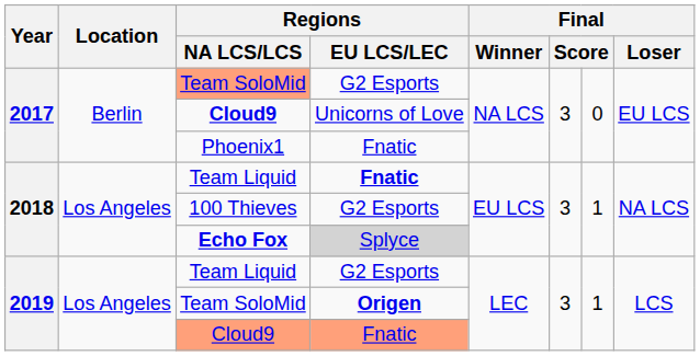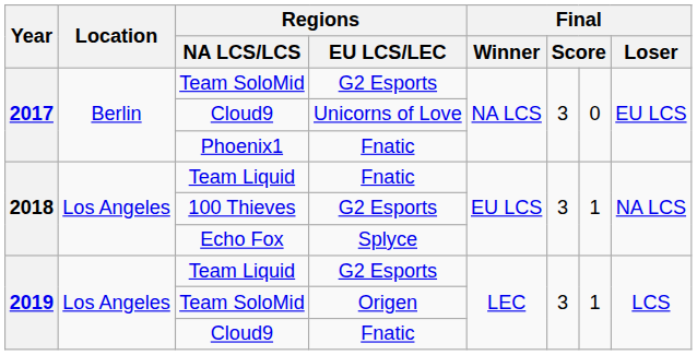 <table class="wikitable" style="text-align: center">
 <tr>
 <th rowspan="2">Year</th>
 <th rowspan="2">Location</th>
 <th colspan="2">Regions</th>
 <th colspan="4">Final</th>
 </tr>
 <tr>
 <th>NA LCS/LCS</th>
 <th>EU LCS/LEC</th>
 <th>Winner</th>
 <th colspan="2">Score</th>
 <th>Loser</th>
 </tr>
 <tr>
 <th rowspan="3"><a href='#'>2017</a></th>
 <td rowspan="3"> <a href='#'>Berlin</a></td>
-<td style="background: lightsalmon;"><a href='#'>Team SoloMid</a></td>
+<td><a href='#'>Team SoloMid</a></td>
 <td><a href='#'>G2 Esports</a></td>
 <td rowspan="3"><a href='#'>NA LCS</a></td>
 <td rowspan="3" style="text-align: center">3</td>
 <td rowspan="3" style="text-align: center">0</td>
 <td rowspan="3"><a href='#'>EU LCS</a></td>
 </tr>
 <tr>
-<td><strong><a href='#'>Cloud9</a></strong></td>
+<td><a href='#'>Cloud9</a></td>
 <td><a href='#'>Unicorns of Love</a></td>
 </tr>
 <tr>
 <td><a href='#'>Phoenix1</a></td>
 <td><a href='#'>Fnatic</a></td>
 </tr>
 <tr>
 <th rowspan="3">2018</th>
 <td rowspan="3"> <a href='#'>Los Angeles</a></td>
 <td><a href='#'>Team Liquid</a></td>
-<td><strong><a href='#'>Fnatic</a></strong></td>
+<td><a href='#'>Fnatic</a></td>
 <td rowspan="3"><a href='#'>EU LCS</a></td>
 <td rowspan="3" style="text-align: center">3</td>
 <td rowspan="3" style="text-align: center">1</td>
 <td rowspan="3"><a href='#'>NA LCS</a></td>
 </tr>
 <tr>
 <td><a href='#'>100 Thieves</a></td>
 <td><a href='#'>G2 Esports</a></td>
 </tr>
 <tr>
-<td><strong><a href='#'>Echo Fox</a></strong></td>
-<td style="background: lightgrey;"><a href='#'>Splyce</a></td>
+<td><a href='#'>Echo Fox</a></td>
+<td><a href='#'>Splyce</a></td>
 </tr>
 <tr>
 <th rowspan="3"><a href='#'>2019</a></th>
 <td rowspan="3"> <a href='#'>Los Angeles</a></td>
 <td><a href='#'>Team Liquid</a></td>
 <td><a href='#'>G2 Esports</a></td>
 <td rowspan="3"><a href='#'>LEC</a></td>
 <td rowspan="3">3</td>
 <td rowspan="3">1</td>
 <td rowspan="3"><a href='#'>LCS</a></td>
 </tr>
 <tr>
 <td><a href='#'>Team SoloMid</a></td>
-<td><strong><a href='#'>Origen</a></strong></td>
+<td><a href='#'>Origen</a></td>
 </tr>
 <tr>
-<td style="background: lightsalmon;"><a href='#'>Cloud9</a></td>
-<td style="background: lightsalmon;"><a href='#'>Fnatic</a></td>
+<td><a href='#'>Cloud9</a></td>
+<td><a href='#'>Fnatic</a></td>
 </tr>
 </table>
